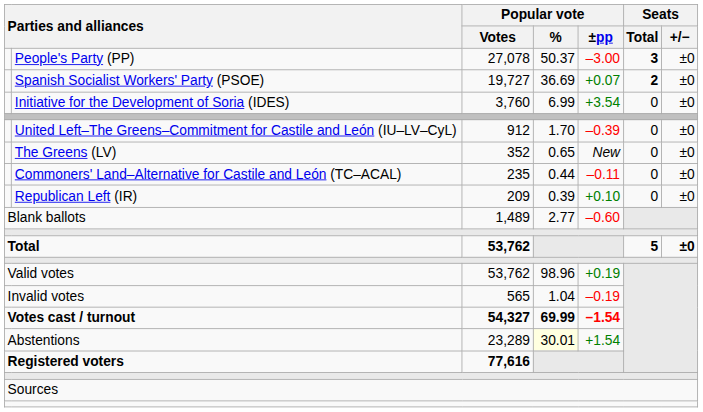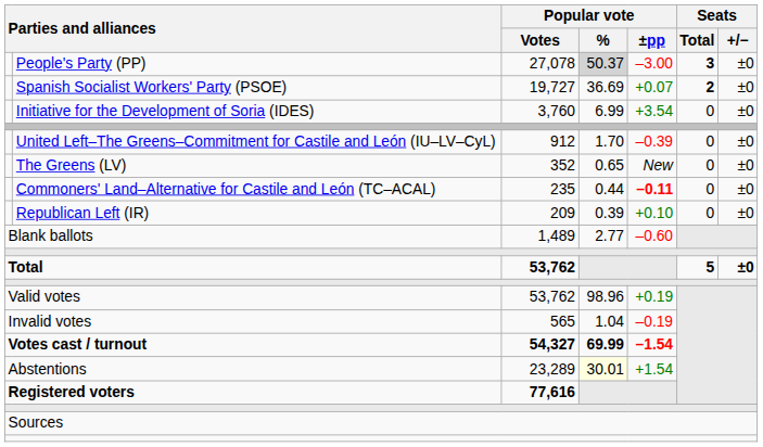 <table class="wikitable" style="text-align:right;">
 <tr>
 <th style="text-align:left;" rowspan="2" colspan="2" width="525">Parties and alliances</th>
 <th colspan="3">Popular vote</th>
 <th colspan="2">Seats</th>
 </tr>
 <tr>
 <th width="75">Votes</th>
 <th width="45">%</th>
 <th width="45">±<a href='#'>pp</a></th>
 <th width="35">Total</th>
 <th width="35">+/−</th>
 </tr>
 <tr>
 <td width="1" style="color:inherit;background:"></td>
 <td align="left"><a href='#'>People's Party</a> (PP)</td>
 <td>27,078</td>
-<td>50.37</td>
+<td style="background: lightgrey;">50.37</td>
 <td style="color:red;">–3.00</td>
 <td><strong>3</strong></td>
 <td>±0</td>
 </tr>
 <tr>
 <td style="color:inherit;background:"></td>
 <td align="left"><a href='#'>Spanish Socialist Workers' Party</a> (PSOE)</td>
 <td>19,727</td>
 <td>36.69</td>
 <td style="color:green;">+0.07</td>
 <td><strong>2</strong></td>
 <td>±0</td>
 </tr>
 <tr>
 <td style="color:inherit;background:"></td>
 <td align="left"><a href='#'>Initiative for the Development of Soria</a> (IDES)</td>
 <td>3,760</td>
 <td>6.99</td>
 <td style="color:green;">+3.54</td>
 <td>0</td>
 <td>±0</td>
 </tr>
 <tr>
 <td colspan="7" bgcolor="#C0C0C0"></td>
 </tr>
 <tr>
 <td style="color:inherit;background:"></td>
 <td align="left"><a href='#'>United Left–The Greens–Commitment for Castile and León</a> (IU–LV–CyL)</td>
 <td>912</td>
 <td>1.70</td>
 <td style="color:red;">–0.39</td>
 <td>0</td>
 <td>±0</td>
 </tr>
 <tr>
 <td style="color:inherit;background:"></td>
 <td align="left"><a href='#'>The Greens</a> (LV)</td>
 <td>352</td>
 <td>0.65</td>
 <td><em>New</em></td>
 <td>0</td>
 <td>±0</td>
 </tr>
 <tr>
 <td style="color:inherit;background:"></td>
 <td align="left"><a href='#'>Commoners' Land–Alternative for Castile and León</a> (TC–ACAL)</td>
 <td>235</td>
 <td>0.44</td>
-<td style="color:red;">–0.11</td>
+<td style="color:red;"><strong>–0.11</strong></td>
 <td>0</td>
 <td>±0</td>
 </tr>
 <tr>
 <td style="color:inherit;background:"></td>
 <td align="left"><a href='#'>Republican Left</a> (IR)</td>
 <td>209</td>
 <td>0.39</td>
 <td style="color:green;">+0.10</td>
 <td>0</td>
 <td>±0</td>
 </tr>
 <tr>
 <td align="left" colspan="2">Blank ballots</td>
 <td>1,489</td>
 <td>2.77</td>
 <td style="color:red;">–0.60</td>
 <td bgcolor="#E9E9E9" colspan="2"></td>
 </tr>
 <tr>
 <td colspan="7" bgcolor="#E9E9E9"></td>
 </tr>
 <tr style="font-weight:bold;">
 <td align="left" colspan="2">Total</td>
 <td>53,762</td>
 <td bgcolor="#E9E9E9" colspan="2"></td>
 <td>5</td>
 <td>±0</td>
 </tr>
 <tr>
 <td colspan="7" bgcolor="#E9E9E9"></td>
 </tr>
 <tr>
 <td align="left" colspan="2">Valid votes</td>
 <td>53,762</td>
 <td>98.96</td>
 <td style="color:green;">+0.19</td>
 <td bgcolor="#E9E9E9" colspan="2" rowspan="5"></td>
 </tr>
 <tr>
 <td align="left" colspan="2">Invalid votes</td>
 <td>565</td>
 <td>1.04</td>
 <td style="color:red;">–0.19</td>
 </tr>
 <tr style="font-weight:bold;">
 <td align="left" colspan="2">Votes cast / turnout</td>
 <td>54,327</td>
 <td>69.99</td>
 <td style="color:red;">–1.54</td>
 </tr>
 <tr>
 <td align="left" colspan="2">Abstentions</td>
 <td>23,289</td>
 <td style="background: lightyellow;">30.01</td>
 <td style="color:green;">+1.54</td>
 </tr>
 <tr style="font-weight:bold;">
 <td align="left" colspan="2">Registered voters</td>
 <td>77,616</td>
 <td bgcolor="#E9E9E9" colspan="2"></td>
 </tr>
 <tr>
 <td colspan="7" bgcolor="#E9E9E9"></td>
 </tr>
 <tr>
 <td align="left" colspan="7">Sources</td>
 </tr>
 <tr>
 <td colspan="7" style="text-align:left; max-width:790px;"></td>
 </tr>
 </table>
